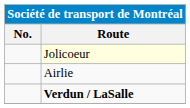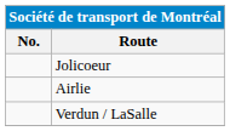 <table align=center class="wikitable">
 <tr>
 <th style="background: #0085CA; font-size:100%; color:#FFFFFF;"colspan="4">Société de transport de Montréal</th>
 </tr>
 <tr>
 <th>No.</th>
 <th>Route</th>
 </tr>
 <tr>
 <td></td>
-<td style="background: lightyellow;">Jolicoeur</td>
+<td>Jolicoeur</td>
 </tr>
 <tr>
 <td {{Avoid wrap> </td>
 <td>Airlie</td>
 </tr>
 <tr>
 <td {{Avoid wrap> </td>
-<td><strong>Verdun / LaSalle</strong></td>
+<td>Verdun / LaSalle</td>
 </tr>
 <tr>
 </tr>
 </table>
